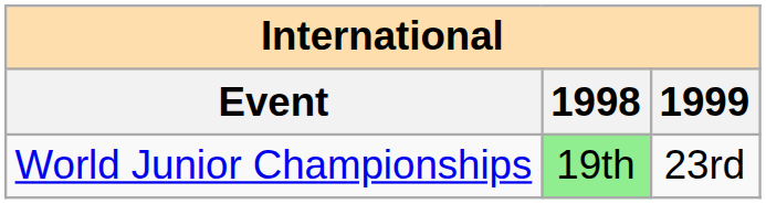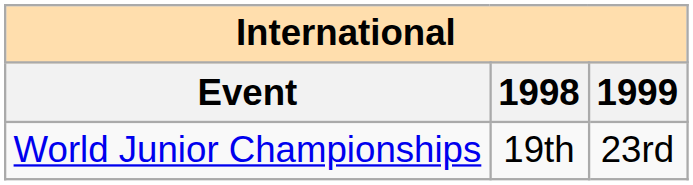 <table class="wikitable" style="text-align:center">
 <tr>
 <th style="background-color: #ffdead; " colspan=3 align=center>International</th>
 </tr>
 <tr>
 <th>Event</th>
 <th>1998 <br> </th>
 <th>1999 <br> </th>
 </tr>
 <tr>
 <td align=left><a href='#'>World Junior Championships</a></td>
-<td style="background: lightgreen;">19th</td>
+<td>19th</td>
 <td>23rd</td>
 </tr>
 </table>
